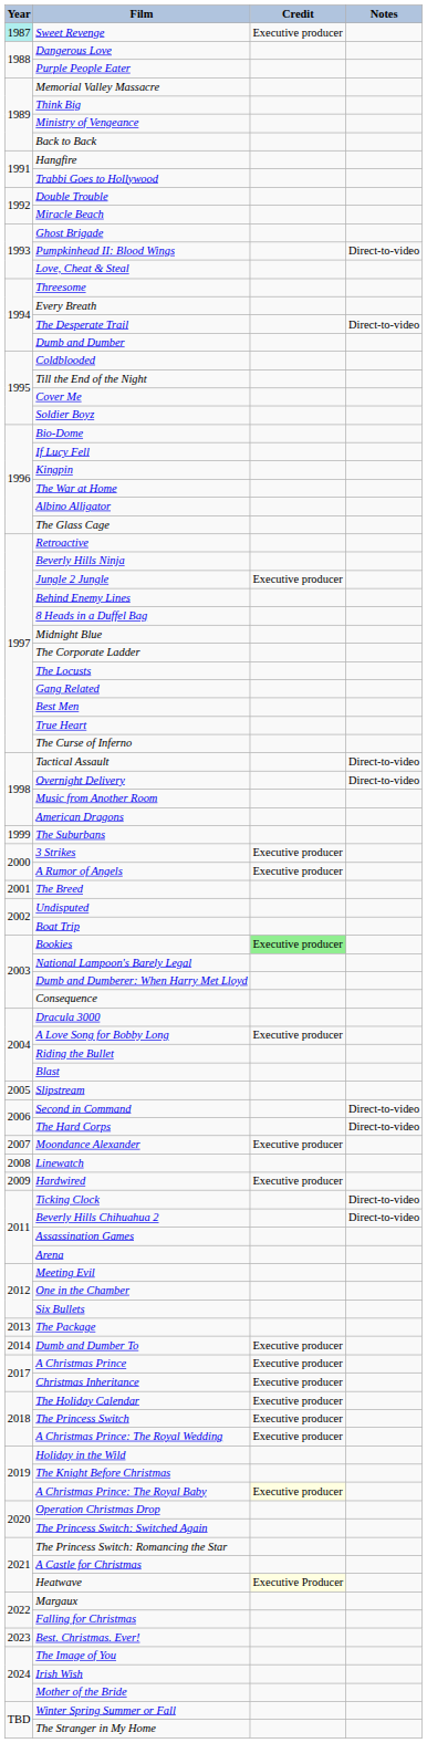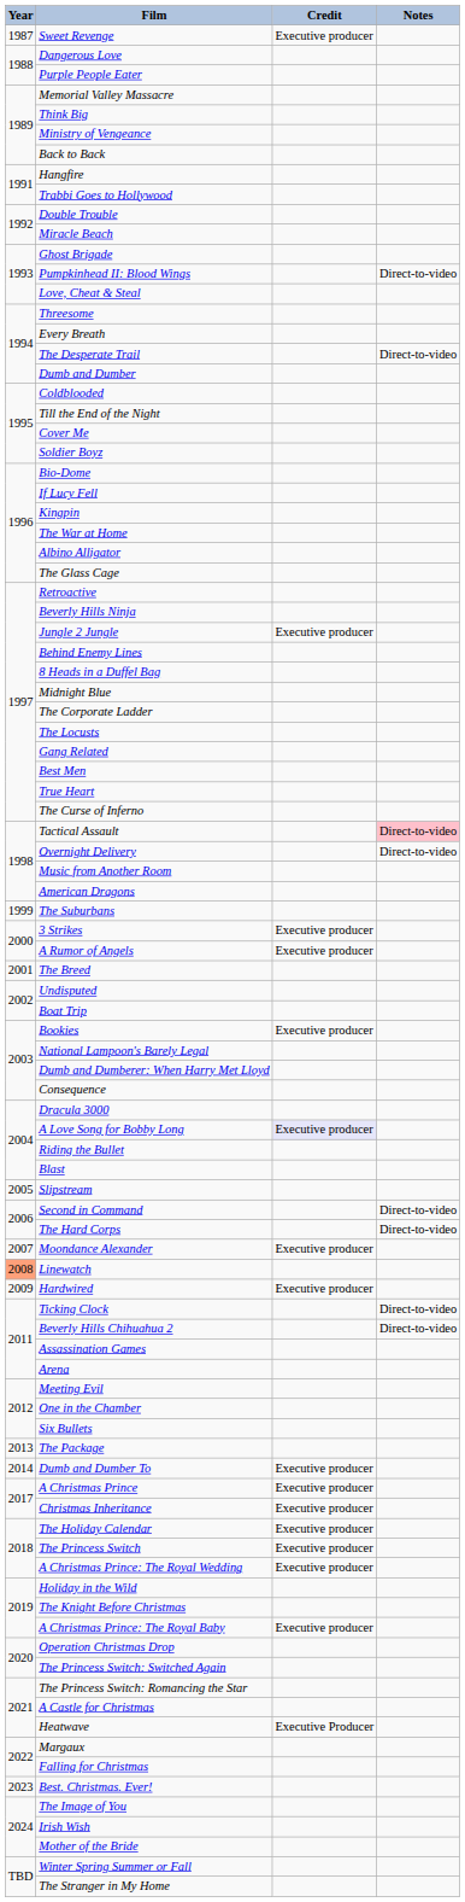 <table class="wikitable">
 <tr>
 <th style="background:#B0C4DE;">Year</th>
 <th style="background:#B0C4DE;">Film</th>
 <th style="background:#B0C4DE;">Credit</th>
 <th style="background:#B0C4DE;">Notes</th>
 </tr>
 <tr>
-<td style="background: paleturquoise;">1987</td>
+<td>1987</td>
 <td><em><a href='#'>Sweet Revenge</a></em></td>
 <td>Executive producer</td>
 <td></td>
 </tr>
 <tr>
 <td rowspan=2>1988</td>
 <td><em><a href='#'>Dangerous Love</a></em></td>
 <td></td>
 <td></td>
 </tr>
 <tr>
 <td><em><a href='#'>Purple People Eater</a></em></td>
 <td></td>
 <td></td>
 </tr>
 <tr>
 <td rowspan=4>1989</td>
 <td><em>Memorial Valley Massacre</em></td>
 <td></td>
 <td></td>
 </tr>
 <tr>
 <td><em><a href='#'>Think Big</a></em></td>
 <td></td>
 <td></td>
 </tr>
 <tr>
 <td><em><a href='#'>Ministry of Vengeance</a></em></td>
 <td></td>
 <td></td>
 </tr>
 <tr>
 <td><em>Back to Back</em></td>
 <td></td>
 <td></td>
 </tr>
 <tr>
 <td rowspan=2>1991</td>
 <td><em>Hangfire</em></td>
 <td></td>
 <td></td>
 </tr>
 <tr>
 <td><em><a href='#'>Trabbi Goes to Hollywood</a></em></td>
 <td></td>
 <td></td>
 </tr>
 <tr>
 <td rowspan=2>1992</td>
 <td><em><a href='#'>Double Trouble</a></em></td>
 <td></td>
 <td></td>
 </tr>
 <tr>
 <td><em><a href='#'>Miracle Beach</a></em></td>
 <td></td>
 <td></td>
 </tr>
 <tr>
 <td rowspan=3>1993</td>
 <td><em><a href='#'>Ghost Brigade</a></em></td>
 <td></td>
 <td></td>
 </tr>
 <tr>
 <td><em><a href='#'>Pumpkinhead II: Blood Wings</a></em></td>
 <td></td>
 <td>Direct-to-video</td>
 </tr>
 <tr>
 <td><em><a href='#'>Love, Cheat & Steal</a></em></td>
 <td></td>
 <td></td>
 </tr>
 <tr>
 <td rowspan=4>1994</td>
 <td><em><a href='#'>Threesome</a></em></td>
 <td></td>
 <td></td>
 </tr>
 <tr>
 <td><em>Every Breath</em></td>
 <td></td>
 <td></td>
 </tr>
 <tr>
 <td><em><a href='#'>The Desperate Trail</a></em></td>
 <td></td>
 <td>Direct-to-video</td>
 </tr>
 <tr>
 <td><em><a href='#'>Dumb and Dumber</a></em></td>
 <td></td>
 <td></td>
 </tr>
 <tr>
 <td rowspan=4>1995</td>
 <td><em><a href='#'>Coldblooded</a></em></td>
 <td></td>
 <td></td>
 </tr>
 <tr>
 <td><em>Till the End of the Night</em></td>
 <td></td>
 <td></td>
 </tr>
 <tr>
 <td><em><a href='#'>Cover Me</a></em></td>
 <td></td>
 <td></td>
 </tr>
 <tr>
 <td><em><a href='#'>Soldier Boyz</a></em></td>
 <td></td>
 <td></td>
 </tr>
 <tr>
 <td rowspan=6>1996</td>
 <td><em><a href='#'>Bio-Dome</a></em></td>
 <td></td>
 <td></td>
 </tr>
 <tr>
 <td><em><a href='#'>If Lucy Fell</a></em></td>
 <td></td>
 <td></td>
 </tr>
 <tr>
 <td><em><a href='#'>Kingpin</a></em></td>
 <td></td>
 <td></td>
 </tr>
 <tr>
 <td><em><a href='#'>The War at Home</a></em></td>
 <td></td>
 <td></td>
 </tr>
 <tr>
 <td><em><a href='#'>Albino Alligator</a></em></td>
 <td></td>
 <td></td>
 </tr>
 <tr>
 <td><em>The Glass Cage</em></td>
 <td></td>
 <td></td>
 </tr>
 <tr>
 <td rowspan=12>1997</td>
 <td><em><a href='#'>Retroactive</a></em></td>
 <td></td>
 <td></td>
 </tr>
 <tr>
 <td><em><a href='#'>Beverly Hills Ninja</a></em></td>
 <td></td>
 <td></td>
 </tr>
 <tr>
 <td><em><a href='#'>Jungle 2 Jungle</a></em></td>
 <td>Executive producer</td>
 <td></td>
 </tr>
 <tr>
 <td><em><a href='#'>Behind Enemy Lines</a></em></td>
 <td></td>
 <td></td>
 </tr>
 <tr>
 <td><em><a href='#'>8 Heads in a Duffel Bag</a></em></td>
 <td></td>
 <td></td>
 </tr>
 <tr>
 <td><em>Midnight Blue</em></td>
 <td></td>
 <td></td>
 </tr>
 <tr>
 <td><em>The Corporate Ladder</em></td>
 <td></td>
 <td></td>
 </tr>
 <tr>
 <td><em><a href='#'>The Locusts</a></em></td>
 <td></td>
 <td></td>
 </tr>
 <tr>
 <td><em><a href='#'>Gang Related</a></em></td>
 <td></td>
 <td></td>
 </tr>
 <tr>
 <td><em><a href='#'>Best Men</a></em></td>
 <td></td>
 <td></td>
 </tr>
 <tr>
 <td><em><a href='#'>True Heart</a></em></td>
 <td></td>
 <td></td>
 </tr>
 <tr>
 <td><em>The Curse of Inferno</em></td>
 <td></td>
 <td></td>
 </tr>
 <tr>
 <td rowspan=4>1998</td>
 <td><em>Tactical Assault</em></td>
 <td></td>
-<td>Direct-to-video</td>
+<td style="background: pink;">Direct-to-video</td>
 </tr>
 <tr>
 <td><em><a href='#'>Overnight Delivery</a></em></td>
 <td></td>
 <td>Direct-to-video</td>
 </tr>
 <tr>
 <td><em><a href='#'>Music from Another Room</a></em></td>
 <td></td>
 <td></td>
 </tr>
 <tr>
 <td><em><a href='#'>American Dragons</a></em></td>
 <td></td>
 <td></td>
 </tr>
 <tr>
 <td>1999</td>
 <td><em><a href='#'>The Suburbans</a></em></td>
 <td></td>
 <td></td>
 </tr>
 <tr>
 <td rowspan=2>2000</td>
 <td><em><a href='#'>3 Strikes</a></em></td>
 <td>Executive producer</td>
 <td></td>
 </tr>
 <tr>
 <td><em><a href='#'>A Rumor of Angels</a></em></td>
 <td>Executive producer</td>
 <td></td>
 </tr>
 <tr>
 <td>2001</td>
 <td><em><a href='#'>The Breed</a></em></td>
 <td></td>
 <td></td>
 </tr>
 <tr>
 <td rowspan=2>2002</td>
 <td><em><a href='#'>Undisputed</a></em></td>
 <td></td>
 <td></td>
 </tr>
 <tr>
 <td><em><a href='#'>Boat Trip</a></em></td>
 <td></td>
 <td></td>
 </tr>
 <tr>
 <td rowspan=4>2003</td>
 <td><em><a href='#'>Bookies</a></em></td>
-<td style="background: lightgreen;">Executive producer</td>
+<td>Executive producer</td>
 <td></td>
 </tr>
 <tr>
 <td><em><a href='#'>National Lampoon's Barely Legal</a></em></td>
 <td></td>
 <td></td>
 </tr>
 <tr>
 <td><em><a href='#'>Dumb and Dumberer: When Harry Met Lloyd</a></em></td>
 <td></td>
 <td></td>
 </tr>
 <tr>
 <td><em>Consequence</em></td>
 <td></td>
 <td></td>
 </tr>
 <tr>
 <td rowspan=4>2004</td>
 <td><em><a href='#'>Dracula 3000</a></em></td>
 <td></td>
 <td></td>
 </tr>
 <tr>
 <td><em><a href='#'>A Love Song for Bobby Long</a></em></td>
-<td>Executive producer</td>
+<td style="background: lavender;">Executive producer</td>
 <td></td>
 </tr>
 <tr>
 <td><em><a href='#'>Riding the Bullet</a></em></td>
 <td></td>
 <td></td>
 </tr>
 <tr>
 <td><em><a href='#'>Blast</a></em></td>
 <td></td>
 <td></td>
 </tr>
 <tr>
 <td>2005</td>
 <td><em><a href='#'>Slipstream</a></em></td>
 <td></td>
 <td></td>
 </tr>
 <tr>
 <td rowspan=2>2006</td>
 <td><em><a href='#'>Second in Command</a></em></td>
 <td></td>
 <td>Direct-to-video</td>
 </tr>
 <tr>
 <td><em><a href='#'>The Hard Corps</a></em></td>
 <td></td>
 <td>Direct-to-video</td>
 </tr>
 <tr>
 <td>2007</td>
 <td><em><a href='#'>Moondance Alexander</a></em></td>
 <td>Executive producer</td>
 <td></td>
 </tr>
 <tr>
-<td>2008</td>
+<td style="background: lightsalmon;">2008</td>
 <td><em><a href='#'>Linewatch</a></em></td>
 <td></td>
 <td></td>
 </tr>
 <tr>
 <td>2009</td>
 <td><em><a href='#'>Hardwired</a></em></td>
 <td>Executive producer</td>
 <td></td>
 </tr>
 <tr>
 <td rowspan=4>2011</td>
 <td><em><a href='#'>Ticking Clock</a></em></td>
 <td></td>
 <td>Direct-to-video</td>
 </tr>
 <tr>
 <td><em><a href='#'>Beverly Hills Chihuahua 2</a></em></td>
 <td></td>
 <td>Direct-to-video</td>
 </tr>
 <tr>
 <td><em><a href='#'>Assassination Games</a></em></td>
 <td></td>
 <td></td>
 </tr>
 <tr>
 <td><em><a href='#'>Arena</a></em></td>
 <td></td>
 <td></td>
 </tr>
 <tr>
 <td rowspan=3>2012</td>
 <td><em><a href='#'>Meeting Evil</a></em></td>
 <td></td>
 <td></td>
 </tr>
 <tr>
 <td><em><a href='#'>One in the Chamber</a></em></td>
 <td></td>
 <td></td>
 </tr>
 <tr>
 <td><em><a href='#'>Six Bullets</a></em></td>
 <td></td>
 <td></td>
 </tr>
 <tr>
 <td>2013</td>
 <td><em><a href='#'>The Package</a></em></td>
 <td></td>
 <td></td>
 </tr>
 <tr>
 <td>2014</td>
 <td><em><a href='#'>Dumb and Dumber To</a></em></td>
 <td>Executive producer</td>
 <td></td>
 </tr>
 <tr>
 <td rowspan=2>2017</td>
 <td><em><a href='#'>A Christmas Prince</a></em></td>
 <td>Executive producer</td>
 <td></td>
 </tr>
 <tr>
 <td><em><a href='#'>Christmas Inheritance</a></em></td>
 <td>Executive producer</td>
 <td></td>
 </tr>
 <tr>
 <td rowspan=3>2018</td>
 <td><em><a href='#'>The Holiday Calendar</a></em></td>
 <td>Executive producer</td>
 <td></td>
 </tr>
 <tr>
 <td><em><a href='#'>The Princess Switch</a></em></td>
 <td>Executive producer</td>
 <td></td>
 </tr>
 <tr>
 <td><em><a href='#'>A Christmas Prince: The Royal Wedding</a></em></td>
 <td>Executive producer</td>
 <td></td>
 </tr>
 <tr>
 <td rowspan=3>2019</td>
 <td><em><a href='#'>Holiday in the Wild</a></em></td>
 <td></td>
 <td></td>
 </tr>
 <tr>
 <td><em><a href='#'>The Knight Before Christmas</a></em></td>
 <td></td>
 <td></td>
 </tr>
 <tr>
 <td><em><a href='#'>A Christmas Prince: The Royal Baby</a></em></td>
-<td style="background: lightyellow;">Executive producer</td>
+<td>Executive producer</td>
 <td></td>
 </tr>
 <tr>
 <td rowspan=2>2020</td>
 <td><em><a href='#'>Operation Christmas Drop</a></em></td>
 <td></td>
 <td></td>
 </tr>
 <tr>
 <td><em><a href='#'>The Princess Switch: Switched Again</a></em></td>
 <td></td>
 <td></td>
 </tr>
 <tr>
 <td rowspan="3">2021</td>
 <td><em>The Princess Switch: Romancing the Star</em></td>
 <td></td>
 <td></td>
 </tr>
 <tr>
 <td><em><a href='#'>A Castle for Christmas</a></em></td>
 <td></td>
 <td></td>
 </tr>
 <tr>
 <td><em>Heatwave</em></td>
-<td style="background: lightyellow;">Executive Producer</td>
+<td>Executive Producer</td>
 <td></td>
 </tr>
 <tr>
 <td rowspan="2">2022</td>
 <td><em>Margaux</em></td>
 <td></td>
 <td></td>
 </tr>
 <tr>
 <td><em><a href='#'>Falling for Christmas</a></em></td>
 <td></td>
 <td></td>
 </tr>
 <tr>
 <td>2023</td>
 <td><em><a href='#'>Best. Christmas. Ever!</a></em></td>
 <td></td>
 <td></td>
 </tr>
 <tr>
 <td rowspan="3">2024</td>
 <td><em><a href='#'>The Image of You</a></em></td>
 <td></td>
 <td></td>
 </tr>
 <tr>
 <td><em><a href='#'>Irish Wish</a></em></td>
 <td></td>
 <td></td>
 </tr>
 <tr>
 <td><em><a href='#'>Mother of the Bride</a></em></td>
 <td></td>
 <td></td>
 </tr>
 <tr>
 <td rowspan="2">TBD</td>
 <td><em><a href='#'>Winter Spring Summer or Fall</a></em></td>
 <td></td>
 <td></td>
 </tr>
 <tr>
 <td><em>The Stranger in My Home</em></td>
 <td></td>
 <td></td>
 </tr>
 </table>
